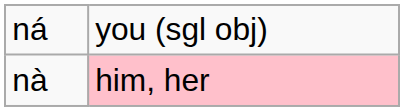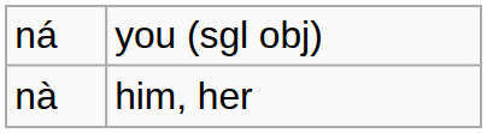 <table class="wikitable" style="text-align: left; width: 200px;">
 <tr>
 <td>ná</td>
 <td>you (sgl obj)</td>
 </tr>
 <tr>
 <td>nà</td>
-<td style="background: pink;">him, her</td>
+<td>him, her</td>
 </tr>
 </table>
